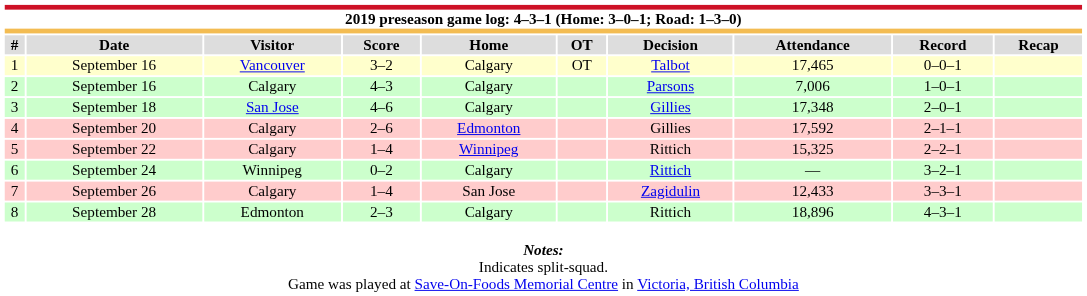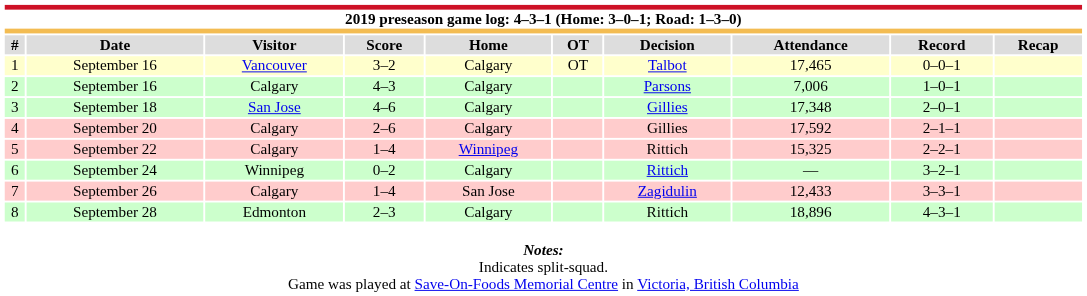 <table class="toccolours collapsible collapsed" style="width:90%; clear:both; margin:1.5em auto; text-align:center;">
 <tr>
 <th colspan="10" style="background:#FFFFFF; border-top:#CE1126 5px solid; border-bottom:#F3BC52 5px solid;">2019 preseason game log: 4–3–1 (Home: 3–0–1; Road: 1–3–0)</th>
 </tr>
 <tr style="background:#ddd;">
 <th>#</th>
 <th>Date</th>
 <th>Visitor</th>
 <th>Score</th>
 <th>Home</th>
 <th>OT</th>
 <th>Decision</th>
 <th>Attendance</th>
 <th>Record</th>
 <th>Recap</th>
 </tr>
 <tr style="background:#ffc;">
 <td>1</td>
 <td>September 16</td>
 <td><a href='#'>Vancouver</a></td>
 <td>3–2</td>
 <td>Calgary</td>
 <td>OT</td>
 <td><a href='#'>Talbot</a></td>
 <td>17,465</td>
 <td>0–0–1</td>
 <td></td>
 </tr>
 <tr style="background:#cfc;">
 <td>2</td>
 <td>September 16</td>
 <td>Calgary</td>
 <td>4–3</td>
 <td>Calgary</td>
 <td></td>
 <td><a href='#'>Parsons</a></td>
 <td>7,006</td>
 <td>1–0–1</td>
 <td></td>
 </tr>
 <tr style="background:#cfc;">
 <td>3</td>
 <td>September 18</td>
 <td><a href='#'>San Jose</a></td>
 <td>4–6</td>
 <td>Calgary</td>
 <td></td>
 <td><a href='#'>Gillies</a></td>
 <td>17,348</td>
 <td>2–0–1</td>
 <td></td>
 </tr>
 <tr style="background:#fcc;">
 <td>4</td>
 <td>September 20</td>
 <td>Calgary</td>
 <td>2–6</td>
-<td><a href='#'>Edmonton</a></td>
+<td>Calgary</td>
 <td></td>
 <td>Gillies</td>
 <td>17,592</td>
 <td>2–1–1</td>
 <td></td>
 </tr>
 <tr style="background:#fcc;">
 <td>5</td>
 <td>September 22</td>
 <td>Calgary</td>
 <td>1–4</td>
 <td><a href='#'>Winnipeg</a></td>
 <td></td>
 <td>Rittich</td>
 <td>15,325</td>
 <td>2–2–1</td>
 <td></td>
 </tr>
 <tr style="background:#cfc;">
 <td>6</td>
 <td>September 24</td>
 <td>Winnipeg</td>
 <td>0–2</td>
 <td>Calgary</td>
 <td></td>
 <td><a href='#'>Rittich</a></td>
 <td>—</td>
 <td>3–2–1</td>
 <td></td>
 </tr>
 <tr style="background:#fcc;">
 <td>7</td>
 <td>September 26</td>
 <td>Calgary</td>
 <td>1–4</td>
 <td>San Jose</td>
 <td></td>
 <td><a href='#'>Zagidulin</a></td>
 <td>12,433</td>
 <td>3–3–1</td>
 <td></td>
 </tr>
 <tr style="background:#cfc;">
 <td>8</td>
 <td>September 28</td>
 <td>Edmonton</td>
 <td>2–3</td>
 <td>Calgary</td>
 <td></td>
 <td>Rittich</td>
 <td>18,896</td>
 <td>4–3–1</td>
 <td></td>
 </tr>
 <tr>
 <td colspan="10" style="text-align:center;"><br><strong><em>Notes:</em></strong><br>  Indicates split-squad.<br>  Game was played at <a href='#'>Save-On-Foods Memorial Centre</a> in <a href='#'>Victoria, British Columbia</a></td>
 </tr>
 </table>
